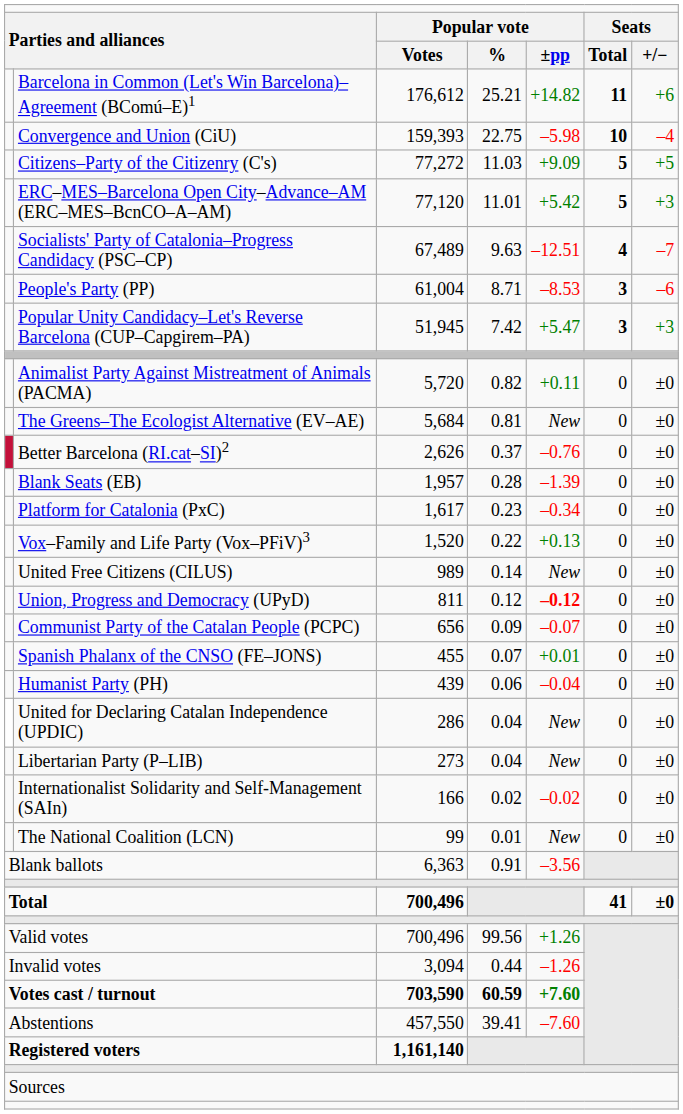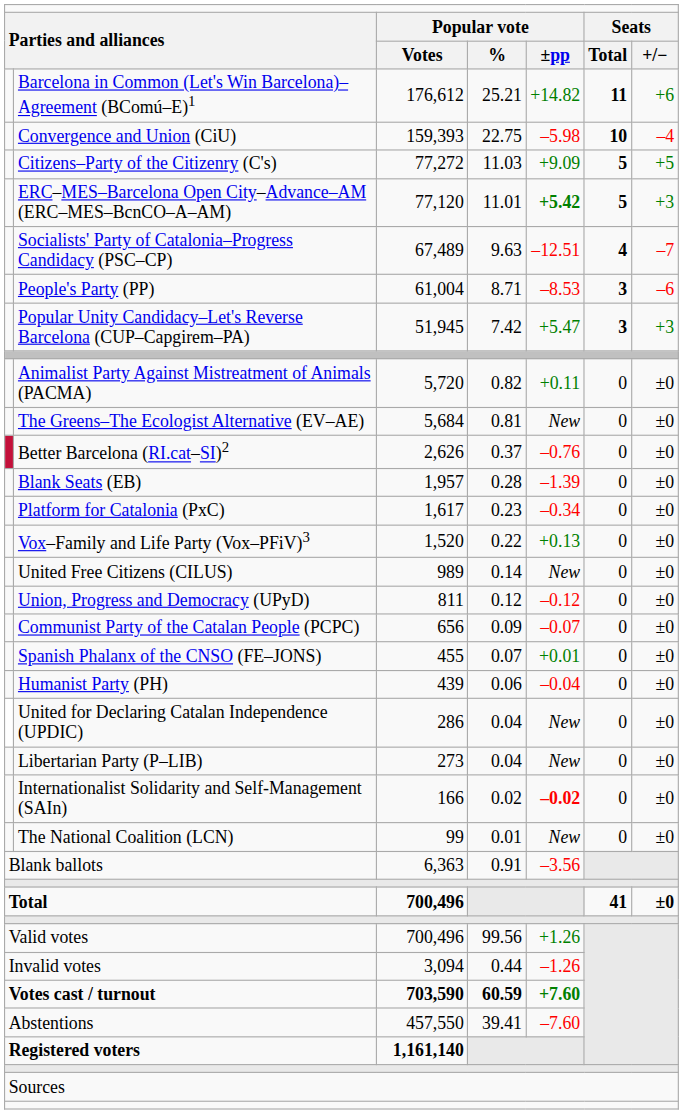 <table class="wikitable" style="text-align:right;">
 <tr>
 <td colspan="7"></td>
 </tr>
 <tr>
 <th style="text-align:left;" rowspan="2" colspan="2" width="525">Parties and alliances</th>
 <th colspan="3">Popular vote</th>
 <th colspan="2">Seats</th>
 </tr>
 <tr>
 <th width="75">Votes</th>
 <th width="45">%</th>
 <th width="45">±<a href='#'>pp</a></th>
 <th width="35">Total</th>
 <th width="35">+/−</th>
 </tr>
 <tr>
 <td width="1" style="color:inherit;background:"></td>
 <td align="left"><a href='#'>Barcelona in Common (Let's Win Barcelona)–Agreement</a> (BComú–E)<sup>1</sup></td>
 <td>176,612</td>
 <td>25.21</td>
 <td style="color:green;">+14.82</td>
 <td><strong>11</strong></td>
 <td style="color:green;">+6</td>
 </tr>
 <tr>
 <td style="color:inherit;background:"></td>
 <td align="left"><a href='#'>Convergence and Union</a> (CiU)</td>
 <td>159,393</td>
 <td>22.75</td>
 <td style="color:red;">–5.98</td>
 <td><strong>10</strong></td>
 <td style="color:red;">–4</td>
 </tr>
 <tr>
 <td style="color:inherit;background:"></td>
 <td align="left"><a href='#'>Citizens–Party of the Citizenry</a> (C's)</td>
 <td>77,272</td>
 <td>11.03</td>
 <td style="color:green;">+9.09</td>
 <td><strong>5</strong></td>
 <td style="color:green;">+5</td>
 </tr>
 <tr>
 <td style="color:inherit;background:"></td>
 <td align="left"><a href='#'>ERC</a>–<a href='#'>MES–Barcelona Open City</a>–<a href='#'>Advance–AM</a> (ERC–MES–BcnCO–A–AM)</td>
 <td>77,120</td>
 <td>11.01</td>
-<td style="color:green;">+5.42</td>
+<td style="color:green;"><strong>+5.42</strong></td>
 <td><strong>5</strong></td>
 <td style="color:green;">+3</td>
 </tr>
 <tr>
 <td style="color:inherit;background:"></td>
 <td align="left"><a href='#'>Socialists' Party of Catalonia–Progress Candidacy</a> (PSC–CP)</td>
 <td>67,489</td>
 <td>9.63</td>
 <td style="color:red;">–12.51</td>
 <td><strong>4</strong></td>
 <td style="color:red;">–7</td>
 </tr>
 <tr>
 <td style="color:inherit;background:"></td>
 <td align="left"><a href='#'>People's Party</a> (PP)</td>
 <td>61,004</td>
 <td>8.71</td>
 <td style="color:red;">–8.53</td>
 <td><strong>3</strong></td>
 <td style="color:red;">–6</td>
 </tr>
 <tr>
 <td style="color:inherit;background:"></td>
 <td align="left"><a href='#'>Popular Unity Candidacy–Let's Reverse Barcelona</a> (CUP–Capgirem–PA)</td>
 <td>51,945</td>
 <td>7.42</td>
 <td style="color:green;">+5.47</td>
 <td><strong>3</strong></td>
 <td style="color:green;">+3</td>
 </tr>
 <tr>
 <td colspan="7" bgcolor="#C0C0C0"></td>
 </tr>
 <tr>
 <td style="color:inherit;background:"></td>
 <td align="left"><a href='#'>Animalist Party Against Mistreatment of Animals</a> (PACMA)</td>
 <td>5,720</td>
 <td>0.82</td>
 <td style="color:green;">+0.11</td>
 <td>0</td>
 <td>±0</td>
 </tr>
 <tr>
 <td style="color:inherit;background:"></td>
 <td align="left"><a href='#'>The Greens–The Ecologist Alternative</a> (EV–AE)</td>
 <td>5,684</td>
 <td>0.81</td>
 <td><em>New</em></td>
 <td>0</td>
 <td>±0</td>
 </tr>
 <tr>
 <td style="color:inherit;background:#C3103A"></td>
 <td align="left">Better Barcelona (<a href='#'>RI.cat</a>–<a href='#'>SI</a>)<sup>2</sup></td>
 <td>2,626</td>
 <td>0.37</td>
 <td style="color:red;">–0.76</td>
 <td>0</td>
 <td>±0</td>
 </tr>
 <tr>
 <td style="color:inherit;background:"></td>
 <td align="left"><a href='#'>Blank Seats</a> (EB)</td>
 <td>1,957</td>
 <td>0.28</td>
 <td style="color:red;">–1.39</td>
 <td>0</td>
 <td>±0</td>
 </tr>
 <tr>
 <td style="color:inherit;background:"></td>
 <td align="left"><a href='#'>Platform for Catalonia</a> (PxC)</td>
 <td>1,617</td>
 <td>0.23</td>
 <td style="color:red;">–0.34</td>
 <td>0</td>
 <td>±0</td>
 </tr>
 <tr>
 <td style="color:inherit;background:"></td>
 <td align="left"><a href='#'>Vox</a>–Family and Life Party (Vox–PFiV)<sup>3</sup></td>
 <td>1,520</td>
 <td>0.22</td>
 <td style="color:green;">+0.13</td>
 <td>0</td>
 <td>±0</td>
 </tr>
 <tr>
 <td style="color:inherit;background:"></td>
 <td align="left">United Free Citizens (CILUS)</td>
 <td>989</td>
 <td>0.14</td>
 <td><em>New</em></td>
 <td>0</td>
 <td>±0</td>
 </tr>
 <tr>
 <td style="color:inherit;background:"></td>
 <td align="left"><a href='#'>Union, Progress and Democracy</a> (UPyD)</td>
 <td>811</td>
 <td>0.12</td>
-<td style="color:red;"><strong>–0.12</strong></td>
+<td style="color:red;">–0.12</td>
 <td>0</td>
 <td>±0</td>
 </tr>
 <tr>
 <td style="color:inherit;background:"></td>
 <td align="left"><a href='#'>Communist Party of the Catalan People</a> (PCPC)</td>
 <td>656</td>
 <td>0.09</td>
 <td style="color:red;">–0.07</td>
 <td>0</td>
 <td>±0</td>
 </tr>
 <tr>
 <td style="color:inherit;background:"></td>
 <td align="left"><a href='#'>Spanish Phalanx of the CNSO</a> (FE–JONS)</td>
 <td>455</td>
 <td>0.07</td>
 <td style="color:green;">+0.01</td>
 <td>0</td>
 <td>±0</td>
 </tr>
 <tr>
 <td style="color:inherit;background:"></td>
 <td align="left"><a href='#'>Humanist Party</a> (PH)</td>
 <td>439</td>
 <td>0.06</td>
 <td style="color:red;">–0.04</td>
 <td>0</td>
 <td>±0</td>
 </tr>
 <tr>
 <td bgcolor="white"></td>
 <td align="left">United for Declaring Catalan Independence (UPDIC)</td>
 <td>286</td>
 <td>0.04</td>
 <td><em>New</em></td>
 <td>0</td>
 <td>±0</td>
 </tr>
 <tr>
 <td style="color:inherit;background:"></td>
 <td align="left">Libertarian Party (P–LIB)</td>
 <td>273</td>
 <td>0.04</td>
 <td><em>New</em></td>
 <td>0</td>
 <td>±0</td>
 </tr>
 <tr>
 <td style="color:inherit;background:"></td>
 <td align="left">Internationalist Solidarity and Self-Management (SAIn)</td>
 <td>166</td>
 <td>0.02</td>
-<td style="color:red;">–0.02</td>
+<td style="color:red;"><strong>–0.02</strong></td>
 <td>0</td>
 <td>±0</td>
 </tr>
 <tr>
 <td style="color:inherit;background:"></td>
 <td align="left">The National Coalition (LCN)</td>
 <td>99</td>
 <td>0.01</td>
 <td><em>New</em></td>
 <td>0</td>
 <td>±0</td>
 </tr>
 <tr>
 <td align="left" colspan="2">Blank ballots</td>
 <td>6,363</td>
 <td>0.91</td>
 <td style="color:red;">–3.56</td>
 <td bgcolor="#E9E9E9" colspan="2"></td>
 </tr>
 <tr>
 <td colspan="7" bgcolor="#E9E9E9"></td>
 </tr>
 <tr style="font-weight:bold;">
 <td align="left" colspan="2">Total</td>
 <td>700,496</td>
 <td bgcolor="#E9E9E9" colspan="2"></td>
 <td>41</td>
 <td>±0</td>
 </tr>
 <tr>
 <td colspan="7" bgcolor="#E9E9E9"></td>
 </tr>
 <tr>
 <td align="left" colspan="2">Valid votes</td>
 <td>700,496</td>
 <td>99.56</td>
 <td style="color:green;">+1.26</td>
 <td bgcolor="#E9E9E9" colspan="2" rowspan="5"></td>
 </tr>
 <tr>
 <td align="left" colspan="2">Invalid votes</td>
 <td>3,094</td>
 <td>0.44</td>
 <td style="color:red;">–1.26</td>
 </tr>
 <tr style="font-weight:bold;">
 <td align="left" colspan="2">Votes cast / turnout</td>
 <td>703,590</td>
 <td>60.59</td>
 <td style="color:green;">+7.60</td>
 </tr>
 <tr>
 <td align="left" colspan="2">Abstentions</td>
 <td>457,550</td>
 <td>39.41</td>
 <td style="color:red;">–7.60</td>
 </tr>
 <tr style="font-weight:bold;">
 <td align="left" colspan="2">Registered voters</td>
 <td>1,161,140</td>
 <td bgcolor="#E9E9E9" colspan="2"></td>
 </tr>
 <tr>
 <td colspan="7" bgcolor="#E9E9E9"></td>
 </tr>
 <tr>
 <td align="left" colspan="7">Sources</td>
 </tr>
 <tr>
 <td colspan="7" style="text-align:left; max-width:790px;"></td>
 </tr>
 </table>
